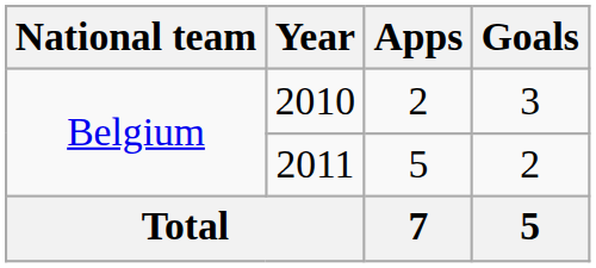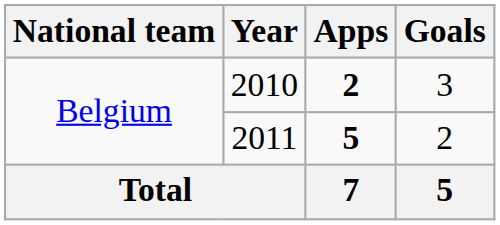 <table class=wikitable style="text-align: center">
 <tr>
 <th>National team</th>
 <th>Year</th>
 <th>Apps</th>
 <th>Goals</th>
 </tr>
 <tr>
 <td rowspan="2"><a href='#'>Belgium</a></td>
 <td>2010</td>
-<td>2</td>
+<td><strong>2</strong></td>
 <td>3</td>
 </tr>
 <tr>
 <td>2011</td>
-<td>5</td>
+<td><strong>5</strong></td>
 <td>2</td>
 </tr>
 <tr>
 <th colspan="2">Total</th>
 <th>7</th>
 <th>5</th>
 </tr>
 </table>
